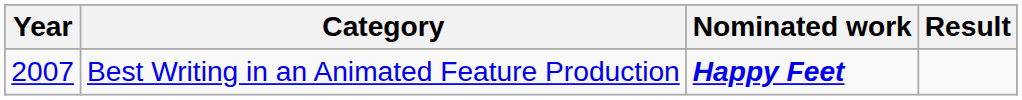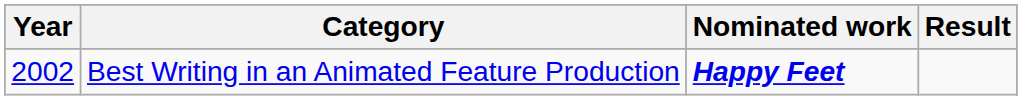 <table class="wikitable">
 <tr>
 <th>Year</th>
 <th>Category</th>
 <th>Nominated work</th>
 <th>Result</th>
 </tr>
 <tr>
-<td><a href='#'>2007</a></td>
+<td><a href='#'>2002</a></td>
 <td><a href='#'>Best Writing in an Animated Feature Production</a></td>
 <td><strong><em><a href='#'>Happy Feet</a></em></strong></td>
 <td></td>
 </tr>
 </table>
